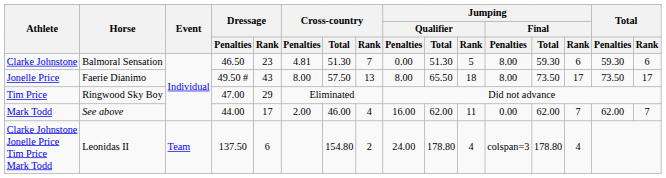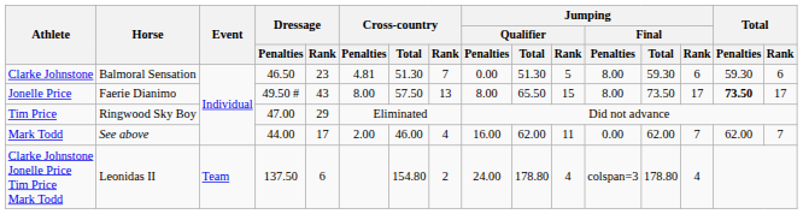 <table class=wikitable style="font-size:90%">
 <tr>
 <th rowspan="3">Athlete</th>
 <th rowspan="3">Horse</th>
 <th rowspan="3">Event</th>
 <th colspan="2" rowspan="2">Dressage</th>
 <th colspan="3" rowspan="2">Cross-country</th>
 <th colspan="6">Jumping</th>
 <th colspan="2" rowspan="2">Total</th>
 </tr>
 <tr style="font-size:95%">
 <th colspan="3">Qualifier</th>
 <th colspan="3">Final</th>
 </tr>
 <tr style="font-size:95%">
 <th>Penalties</th>
 <th>Rank</th>
 <th>Penalties</th>
 <th>Total</th>
 <th>Rank</th>
 <th>Penalties</th>
 <th>Total</th>
 <th>Rank</th>
 <th>Penalties</th>
 <th>Total</th>
 <th>Rank</th>
 <th>Penalties</th>
 <th>Rank</th>
 </tr>
 <tr align=center>
 <td align=left><a href='#'>Clarke Johnstone</a></td>
 <td align=left>Balmoral Sensation</td>
 <td align=left rowspan=4><a href='#'>Individual</a></td>
 <td>46.50</td>
 <td>23</td>
 <td>4.81</td>
 <td>51.30</td>
 <td>7</td>
 <td>0.00</td>
 <td>51.30</td>
 <td>5</td>
 <td>8.00</td>
 <td>59.30</td>
 <td>6</td>
 <td>59.30</td>
 <td>6</td>
 </tr>
 <tr align=center>
 <td align=left><a href='#'>Jonelle Price</a></td>
 <td align=left>Faerie Dianimo</td>
 <td>49.50 #</td>
 <td>43</td>
 <td>8.00</td>
 <td>57.50</td>
 <td>13</td>
 <td>8.00</td>
 <td>65.50</td>
-<td>18</td>
+<td>15</td>
 <td>8.00</td>
 <td>73.50</td>
 <td>17</td>
-<td>73.50</td>
+<td><strong>73.50</strong></td>
 <td>17</td>
 </tr>
 <tr align=center>
 <td align=left><a href='#'>Tim Price</a></td>
 <td align=left>Ringwood Sky Boy</td>
 <td>47.00</td>
 <td>29</td>
 <td colspan=3>Eliminated</td>
 <td colspan=8>Did not advance</td>
 </tr>
 <tr align=center>
 <td align=left><a href='#'>Mark Todd</a></td>
 <td align=left><em>See above</em></td>
 <td>44.00</td>
 <td>17</td>
 <td>2.00</td>
 <td>46.00</td>
 <td>4</td>
 <td>16.00</td>
 <td>62.00</td>
 <td>11</td>
 <td>0.00</td>
 <td>62.00</td>
 <td>7</td>
 <td>62.00</td>
 <td>7</td>
 </tr>
 <tr align=center>
 <td align=left><a href='#'>Clarke Johnstone</a><br><a href='#'>Jonelle Price</a><br><a href='#'>Tim Price</a><br><a href='#'>Mark Todd</a></td>
 <td align=left>Leonidas II</td>
 <td align=left><a href='#'>Team</a></td>
 <td>137.50</td>
 <td>6</td>
 <td></td>
 <td>154.80</td>
 <td>2</td>
 <td>24.00</td>
 <td>178.80</td>
 <td>4</td>
 <td>colspan=3 </td>
 <td>178.80</td>
 <td>4</td>
 </tr>
 </table>
